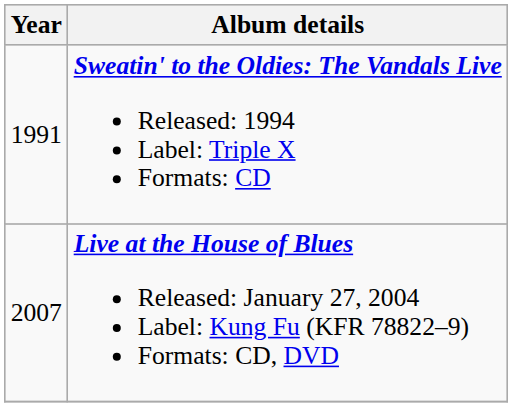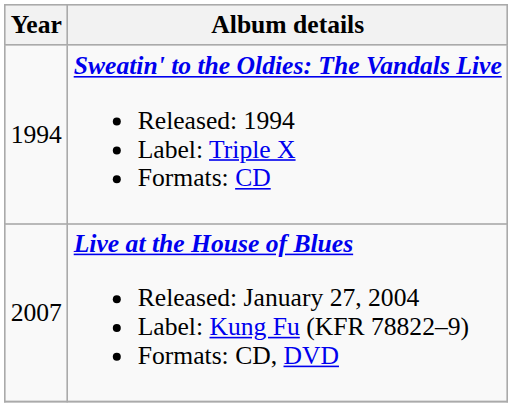 <table class ="wikitable">
 <tr>
 <th>Year</th>
 <th>Album details</th>
 </tr>
 <tr>
-<td>1991</td>
+<td>1994</td>
 <td><strong><em><a href='#'>Sweatin' to the Oldies: The Vandals Live</a></em></strong><br><ul><li>Released: 1994</li><li>Label: <a href='#'>Triple X</a></li><li>Formats: <a href='#'>CD</a></li></ul></td>
 </tr>
 <tr>
 <td>2007</td>
 <td><strong><em><a href='#'>Live at the House of Blues</a></em></strong><br><ul><li>Released: January 27, 2004</li><li>Label: <a href='#'>Kung Fu</a> (KFR 78822–9)</li><li>Formats: CD, <a href='#'>DVD</a></li></ul></td>
 </tr>
 <tr>
 </tr>
 </table>
